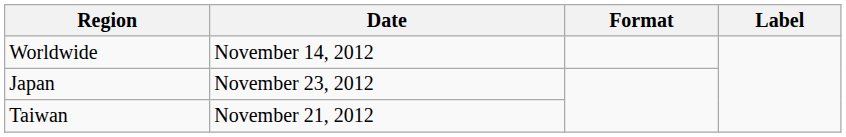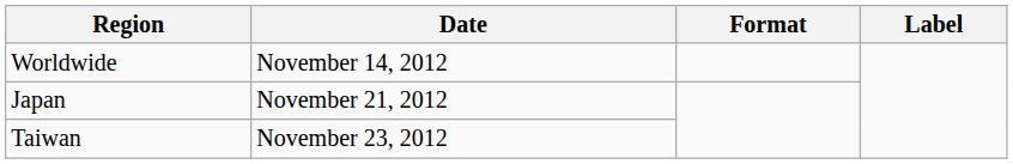 <table class="wikitable" style="width:670px;">
 <tr>
 <th>Region</th>
 <th>Date</th>
 <th>Format</th>
 <th>Label</th>
 </tr>
 <tr>
 <td>Worldwide</td>
 <td>November 14, 2012</td>
 <td></td>
 <td rowspan="3"></td>
 </tr>
 <tr>
 <td>Japan</td>
-<td>November 23, 2012</td>
+<td>November 21, 2012</td>
 <td rowspan="2"></td>
 </tr>
 <tr>
 <td>Taiwan</td>
-<td>November 21, 2012</td>
+<td>November 23, 2012</td>
 </tr>
 </table>
